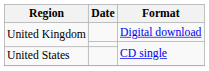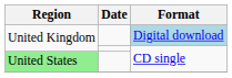 <table class=wikitable>
 <tr>
 <th>Region</th>
 <th>Date</th>
 <th>Format</th>
 </tr>
 <tr>
 <td rowspan="2">United Kingdom</td>
 <td></td>
-<td><a href='#'>Digital download</a></td>
+<td style="background: lightblue;"><a href='#'>Digital download</a></td>
 </tr>
 <tr>
 <td></td>
 <td rowspan="2"><a href='#'>CD single</a></td>
 </tr>
 <tr>
-<td>United States</td>
+<td style="background: lightgreen;">United States</td>
 <td></td>
 </tr>
 <tr>
 </tr>
 </table>
